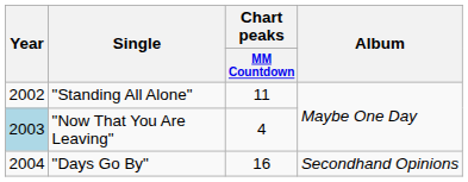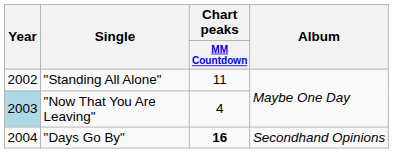 <table class="wikitable">
 <tr>
 <th rowspan="2">Year</th>
 <th rowspan="2" width="170">Single</th>
 <th colspan="1">Chart peaks</th>
 <th rowspan="2">Album</th>
 </tr>
 <tr>
 <th style="width:3em;font-size:75%"><a href='#'>MM<br>Countdown</a><br></th>
 </tr>
 <tr>
 <td>2002</td>
 <td>"Standing All Alone"</td>
 <td align="center">11</td>
 <td rowspan="2"><em>Maybe One Day</em></td>
 </tr>
 <tr>
 <td style="background: lightblue;">2003</td>
 <td>"Now That You Are Leaving"</td>
 <td align="center">4</td>
 </tr>
 <tr>
 <td>2004</td>
 <td>"Days Go By"</td>
-<td align="center">16</td>
+<td align="center"><strong>16</strong></td>
 <td><em>Secondhand Opinions</em></td>
 </tr>
 </table>
